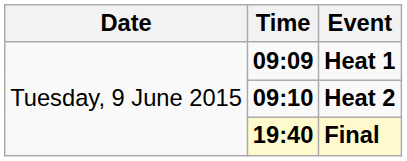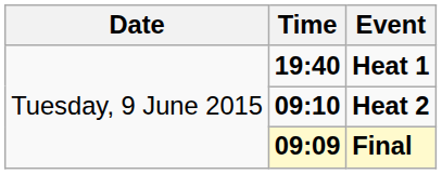 <table class="wikitable">
 <tr>
 <th>Date</th>
 <th>Time</th>
 <th>Event</th>
 </tr>
 <tr>
 <td rowspan="3">Tuesday, 9 June 2015</td>
-<td><strong>09:09</strong></td>
+<td><strong>19:40</strong></td>
 <td><strong>Heat 1</strong></td>
 </tr>
 <tr>
 <td><strong>09:10</strong></td>
 <td><strong>Heat 2</strong></td>
 </tr>
 <tr style="background-color:lemonchiffon;">
-<td><strong>19:40</strong></td>
+<td><strong>09:09</strong></td>
 <td><strong>Final</strong></td>
 </tr>
 </table>
